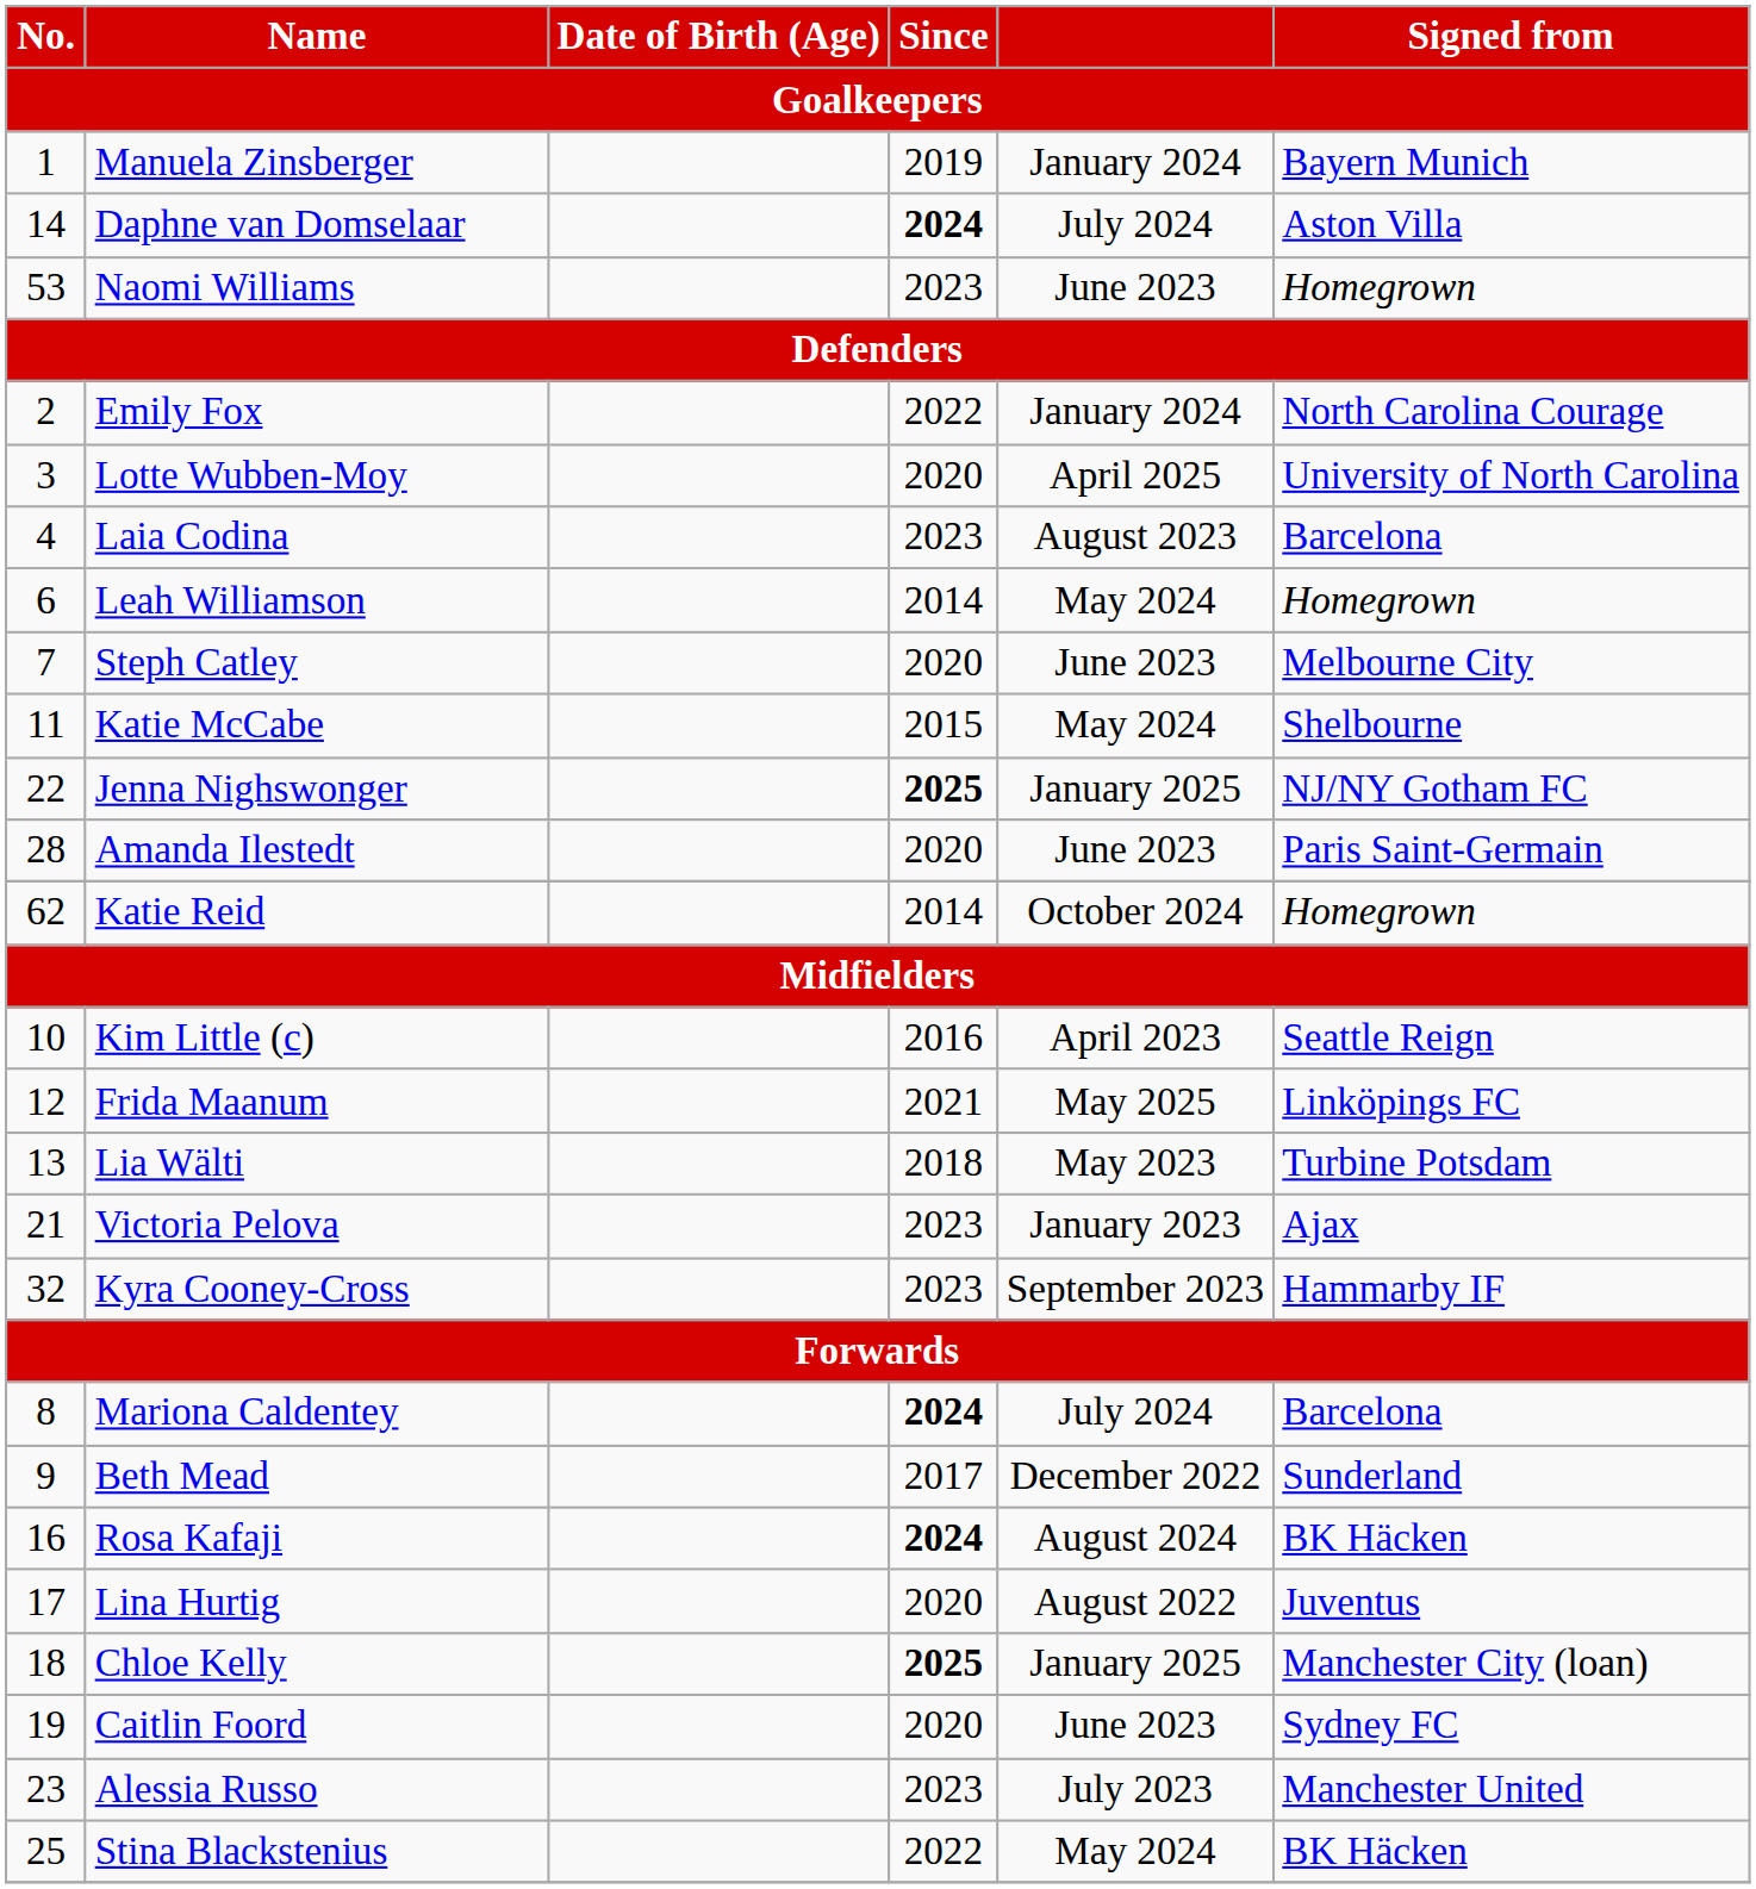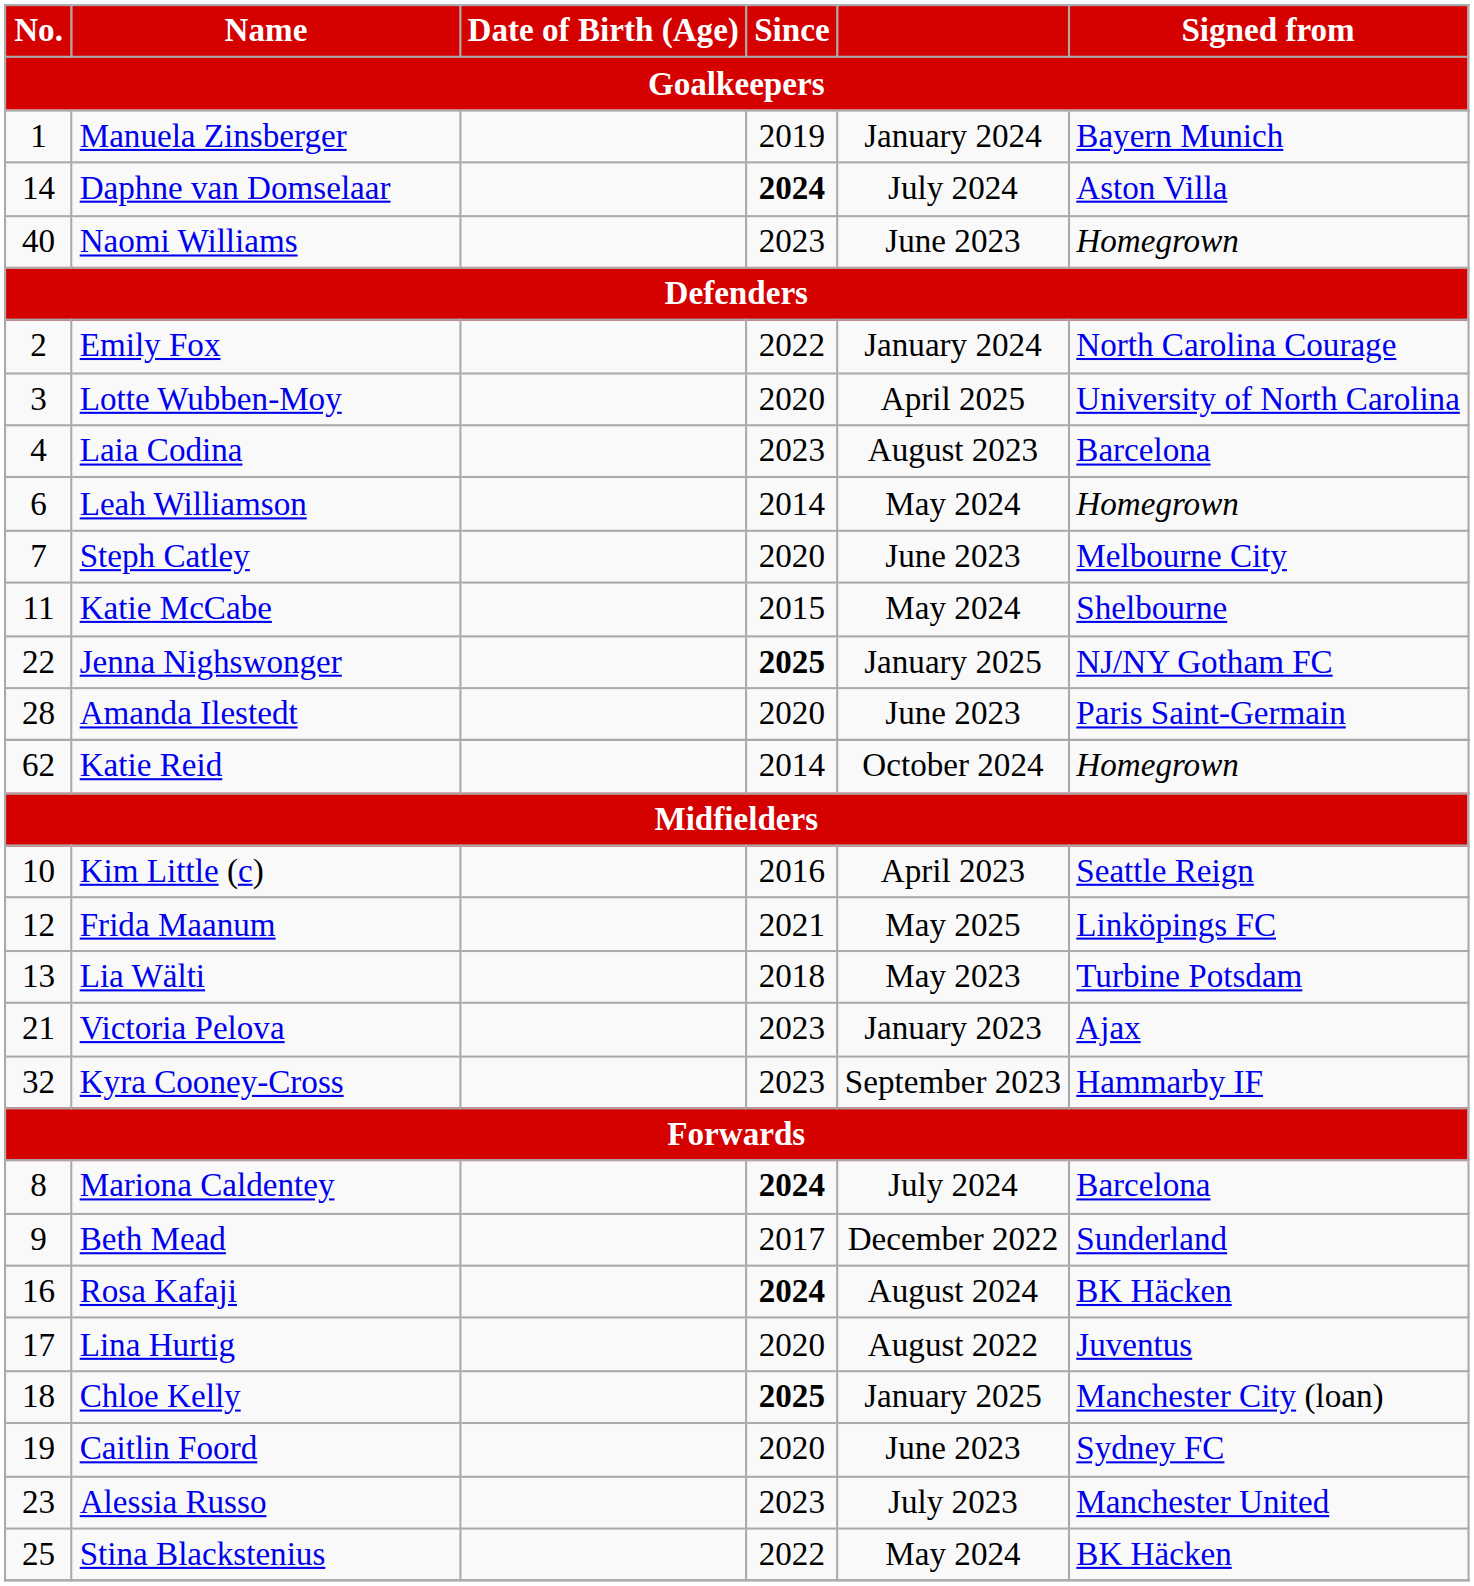 <table class="wikitable" style="text-align:center; font-size:100%; ">
 <tr>
 <th style="background:#d50000; color:white; text-align:center; width:25px;">No.</th>
 <th style="background:#d50000; color:white; text-align:center; width:180px;">Name</th>
 <th style="background:#d50000; color:white; text-align:center;">Date of Birth (Age)</th>
 <th style="background:#d50000; color:white; text-align:center;">Since</th>
 <th style="background:#d50000; color:white; text-align:center;"></th>
 <th style="background:#d50000; color:white; text-align:center;">Signed from</th>
 </tr>
 <tr>
 <th colspan="6" style="background:#d50000; color:white; text-align:center;">Goalkeepers</th>
 </tr>
 <tr>
 <td>1</td>
 <td align="left"> <a href='#'>Manuela Zinsberger</a></td>
 <td></td>
 <td>2019</td>
 <td>January 2024</td>
 <td align="left"> <a href='#'>Bayern Munich</a></td>
 </tr>
 <tr>
 <td>14</td>
 <td align="left"> <a href='#'>Daphne van Domselaar</a></td>
 <td></td>
 <td><strong>2024</strong></td>
 <td>July 2024</td>
 <td align="left"> <a href='#'>Aston Villa</a></td>
 </tr>
 <tr>
-<td>53</td>
+<td>40</td>
 <td align="left"> <a href='#'>Naomi Williams</a></td>
 <td></td>
 <td>2023</td>
 <td>June 2023</td>
 <td align="left"><em>Homegrown</em></td>
 </tr>
 <tr>
 <th colspan="6" style="background:#d50000; color:white; text-align:center;">Defenders</th>
 </tr>
 <tr>
 <td>2</td>
 <td align="left"> <a href='#'>Emily Fox</a></td>
 <td></td>
 <td>2022</td>
 <td>January 2024</td>
 <td align="left"> <a href='#'>North Carolina Courage</a></td>
 </tr>
 <tr>
 <td>3</td>
 <td align="left"> <a href='#'>Lotte Wubben-Moy</a></td>
 <td></td>
 <td>2020</td>
 <td>April 2025</td>
 <td align="left"> <a href='#'>University of North Carolina</a></td>
 </tr>
 <tr>
 <td>4</td>
 <td align="left"> <a href='#'>Laia Codina</a></td>
 <td></td>
 <td>2023</td>
 <td>August 2023</td>
 <td align="left"> <a href='#'>Barcelona</a></td>
 </tr>
 <tr>
 <td>6</td>
 <td align="left"> <a href='#'>Leah Williamson</a></td>
 <td></td>
 <td>2014</td>
 <td>May 2024</td>
 <td align="left"><em>Homegrown</em></td>
 </tr>
 <tr>
 <td>7</td>
 <td align="left"> <a href='#'>Steph Catley</a></td>
 <td></td>
 <td>2020</td>
 <td>June 2023</td>
 <td align="left"> <a href='#'>Melbourne City</a></td>
 </tr>
 <tr>
 <td>11</td>
 <td align="left"> <a href='#'>Katie McCabe</a></td>
 <td></td>
 <td>2015</td>
 <td>May 2024</td>
 <td align="left"> <a href='#'>Shelbourne</a></td>
 </tr>
 <tr>
 <td>22</td>
 <td align="left"> <a href='#'>Jenna Nighswonger</a></td>
 <td></td>
 <td><strong>2025</strong></td>
 <td>January 2025</td>
 <td align="left"> <a href='#'>NJ/NY Gotham FC</a></td>
 </tr>
 <tr>
 <td>28</td>
 <td align="left"> <a href='#'>Amanda Ilestedt</a></td>
 <td></td>
 <td>2020</td>
 <td>June 2023</td>
 <td align="left"> <a href='#'>Paris Saint-Germain</a></td>
 </tr>
 <tr>
 </tr>
 <tr>
 <td>62</td>
 <td align="left"> <a href='#'>Katie Reid</a></td>
 <td></td>
 <td>2014</td>
 <td>October 2024</td>
 <td align="left"><em>Homegrown</em></td>
 </tr>
 <tr>
 <th colspan="6" style="background:#d50000; color:white; text-align:center;">Midfielders</th>
 </tr>
 <tr>
 <td>10</td>
 <td align="left"> <a href='#'>Kim Little</a> (<a href='#'>c</a>)</td>
 <td></td>
 <td>2016</td>
 <td>April 2023</td>
 <td align="left"> <a href='#'>Seattle Reign</a></td>
 </tr>
 <tr>
 <td>12</td>
 <td align="left"> <a href='#'>Frida Maanum</a></td>
 <td></td>
 <td>2021</td>
 <td>May 2025</td>
 <td align="left"> <a href='#'>Linköpings FC</a></td>
 </tr>
 <tr>
 <td>13</td>
 <td align="left"> <a href='#'>Lia Wälti</a></td>
 <td></td>
 <td>2018</td>
 <td>May 2023</td>
 <td align="left"> <a href='#'>Turbine Potsdam</a></td>
 </tr>
 <tr>
 <td>21</td>
 <td align="left"> <a href='#'>Victoria Pelova</a></td>
 <td></td>
 <td>2023</td>
 <td>January 2023</td>
 <td align="left"> <a href='#'>Ajax</a></td>
 </tr>
 <tr>
 <td>32</td>
 <td align="left"> <a href='#'>Kyra Cooney-Cross</a></td>
 <td></td>
 <td>2023</td>
 <td>September 2023</td>
 <td align="left"> <a href='#'>Hammarby IF</a></td>
 </tr>
 <tr>
 <th colspan="6" style="background:#d50000; color:white; text-align:center;">Forwards</th>
 </tr>
 <tr>
 <td>8</td>
 <td align="left"> <a href='#'>Mariona Caldentey</a></td>
 <td></td>
 <td><strong>2024</strong></td>
 <td>July 2024</td>
 <td align="left"> <a href='#'>Barcelona</a></td>
 </tr>
 <tr>
 <td>9</td>
 <td align="left"> <a href='#'>Beth Mead</a></td>
 <td></td>
 <td>2017</td>
 <td>December 2022</td>
 <td align="left"> <a href='#'>Sunderland</a></td>
 </tr>
 <tr>
 <td>16</td>
 <td align="left"> <a href='#'>Rosa Kafaji</a></td>
 <td></td>
 <td><strong>2024</strong></td>
 <td>August 2024</td>
 <td align="left"> <a href='#'>BK Häcken</a></td>
 </tr>
 <tr>
 <td>17</td>
 <td align="left"> <a href='#'>Lina Hurtig</a></td>
 <td></td>
 <td>2020</td>
 <td>August 2022</td>
 <td align="left"> <a href='#'>Juventus</a></td>
 </tr>
 <tr>
 <td>18</td>
 <td align="left"> <a href='#'>Chloe Kelly</a></td>
 <td></td>
 <td><strong>2025</strong></td>
 <td>January 2025</td>
 <td align="left"> <a href='#'>Manchester City</a> (loan)</td>
 </tr>
 <tr>
 <td>19</td>
 <td align="left"> <a href='#'>Caitlin Foord</a></td>
 <td></td>
 <td>2020</td>
 <td>June 2023</td>
 <td align="left"> <a href='#'>Sydney FC</a></td>
 </tr>
 <tr>
 <td>23</td>
 <td align="left"> <a href='#'>Alessia Russo</a></td>
 <td></td>
 <td>2023</td>
 <td>July 2023</td>
 <td align="left"> <a href='#'>Manchester United</a></td>
 </tr>
 <tr>
 <td>25</td>
 <td align="left"> <a href='#'>Stina Blackstenius</a></td>
 <td></td>
 <td>2022</td>
 <td>May 2024</td>
 <td align="left"> <a href='#'>BK Häcken</a></td>
 </tr>
 <tr>
 </tr>
 </table>
